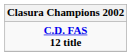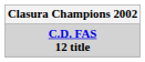 <table class="wikitable" style="text-align: center; margin: 0 auto;">
 <tr>
 <th>Clasura Champions 2002</th>
 </tr>
 <tr>
-<td><strong><a href='#'>C.D. FAS</a> </strong><br><strong>12 title</strong></td>
+<td style="background: lightgrey;"><strong><a href='#'>C.D. FAS</a> </strong><br><strong>12 title</strong></td>
 </tr>
 <tr>
 </tr>
 </table>
